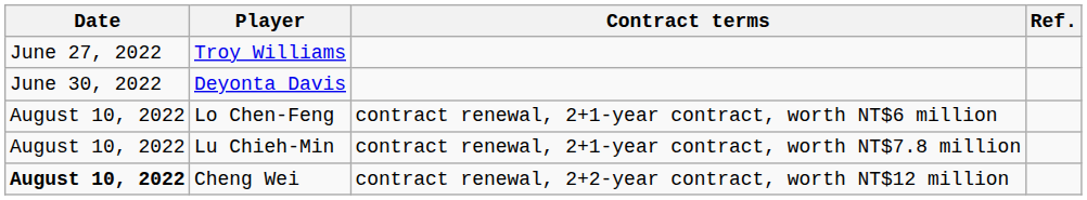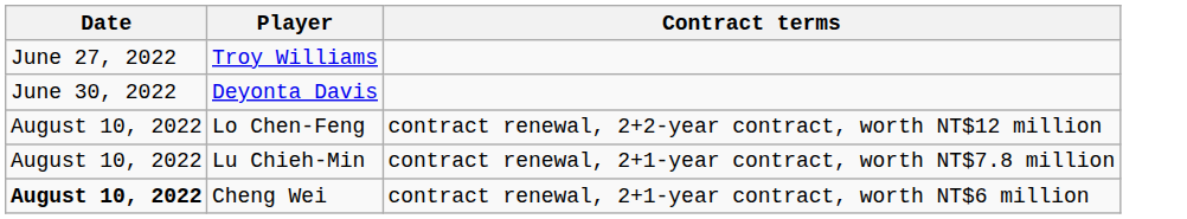 <table class="wikitable">
 <tr>
 <th>Date</th>
 <th>Player</th>
 <th>Contract terms</th>
-<th>Ref.</th>
 </tr>
 <tr>
 <td>June 27, 2022</td>
 <td><a href='#'>Troy Williams</a></td>
-<td></td>
 <td></td>
 </tr>
 <tr>
 <td>June 30, 2022</td>
 <td><a href='#'>Deyonta Davis</a></td>
 <td></td>
-<td></td>
 </tr>
 <tr>
 <td>August 10, 2022</td>
 <td>Lo Chen-Feng</td>
-<td>contract renewal, 2+1-year contract, worth NT$6 million</td>
-<td></td>
+<td>contract renewal, 2+2-year contract, worth NT$12 million</td>
 </tr>
 <tr>
 <td>August 10, 2022</td>
 <td>Lu Chieh-Min</td>
 <td>contract renewal, 2+1-year contract, worth NT$7.8 million</td>
-<td></td>
 </tr>
 <tr>
 <td><strong>August 10, 2022</strong></td>
 <td>Cheng Wei</td>
-<td>contract renewal, 2+2-year contract, worth NT$12 million</td>
-<td></td>
+<td>contract renewal, 2+1-year contract, worth NT$6 million</td>
 </tr>
 </table>
